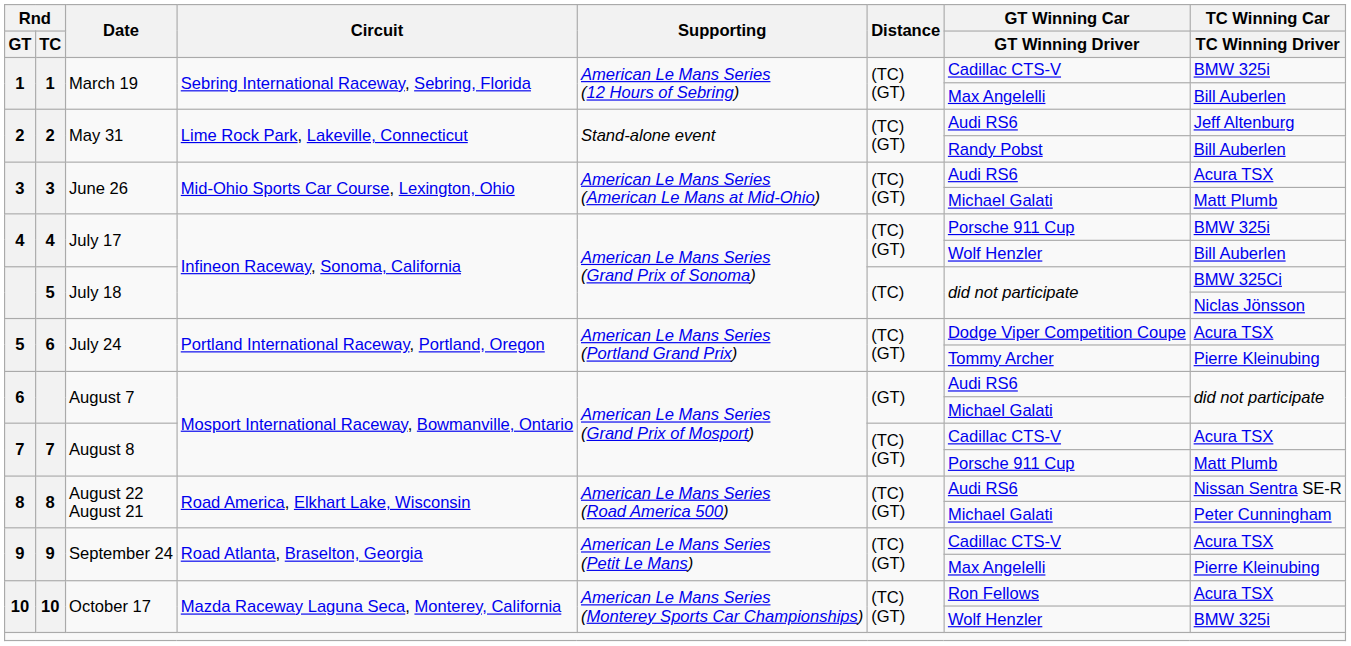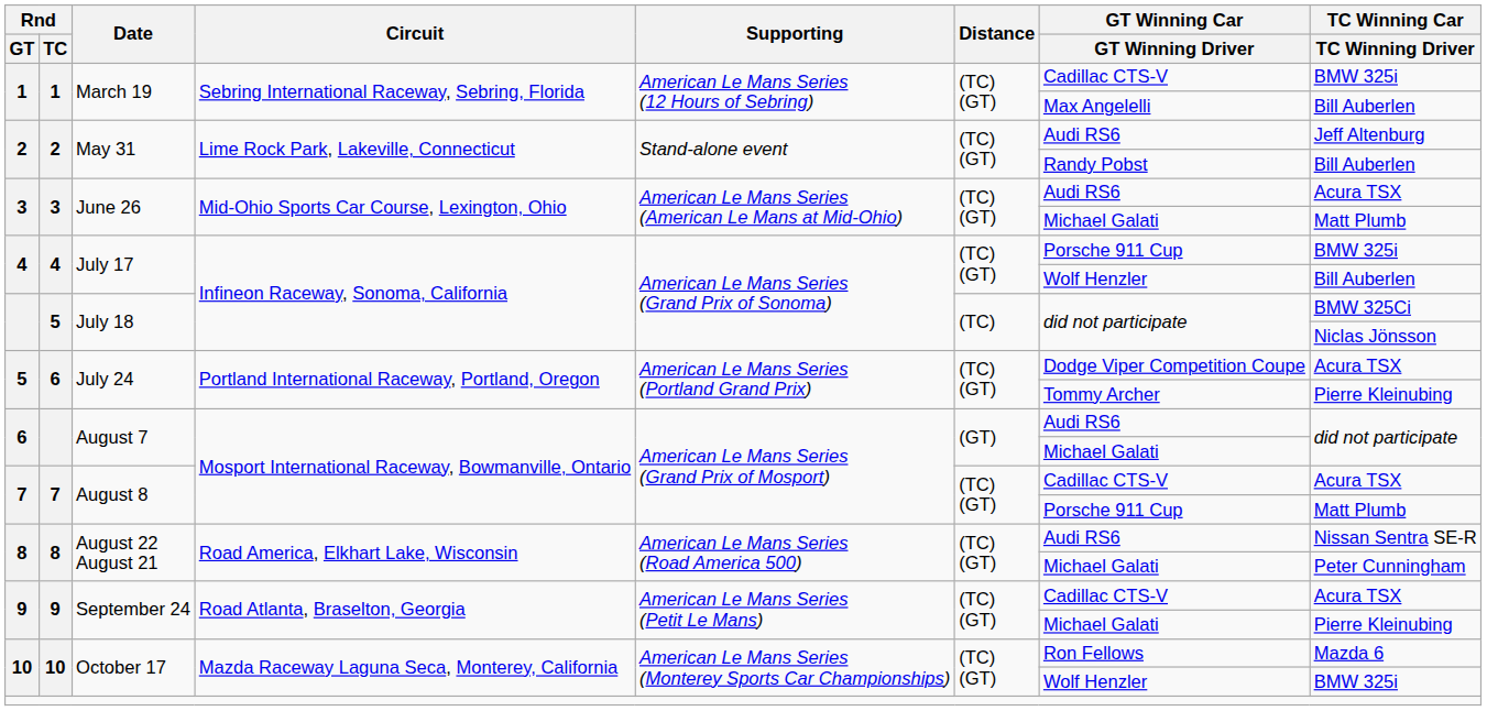 <table class="wikitable" style="font-size: 90%">
 <tr>
 <th colspan=2>Rnd</th>
 <th rowspan=2>Date</th>
 <th rowspan=2>Circuit</th>
 <th rowspan=2>Supporting</th>
 <th rowspan=2>Distance</th>
 <th>GT Winning Car</th>
 <th>TC Winning Car</th>
 </tr>
 <tr>
 <th>GT</th>
 <th>TC</th>
 <th>GT Winning Driver</th>
 <th>TC Winning Driver</th>
 </tr>
 <tr>
 <th rowspan=2>1</th>
 <th rowspan=2>1</th>
 <td rowspan=2>March 19</td>
 <td rowspan=2><a href='#'>Sebring International Raceway</a>, <a href='#'>Sebring, Florida</a></td>
 <td rowspan=2><em><a href='#'>American Le Mans Series</a></em><br><em>(<a href='#'>12 Hours of Sebring</a>)</em></td>
 <td rowspan=2> (TC)<br> (GT)</td>
 <td><a href='#'>Cadillac CTS-V</a></td>
 <td><a href='#'>BMW 325i</a></td>
 </tr>
 <tr>
 <td> <a href='#'>Max Angelelli</a></td>
 <td> <a href='#'>Bill Auberlen</a></td>
 </tr>
 <tr>
 <th rowspan=2>2</th>
 <th rowspan=2>2</th>
 <td rowspan=2>May 31</td>
 <td rowspan=2><a href='#'>Lime Rock Park</a>, <a href='#'>Lakeville, Connecticut</a></td>
 <td rowspan=2><em>Stand-alone event</em></td>
 <td rowspan=2> (TC)<br> (GT)</td>
 <td><a href='#'>Audi RS6</a></td>
 <td> <a href='#'>Jeff Altenburg</a></td>
 </tr>
 <tr>
 <td> <a href='#'>Randy Pobst</a></td>
 <td> <a href='#'>Bill Auberlen</a></td>
 </tr>
 <tr>
 <th rowspan=2>3</th>
 <th rowspan=2>3</th>
 <td rowspan=2>June 26</td>
 <td rowspan=2><a href='#'>Mid-Ohio Sports Car Course</a>, <a href='#'>Lexington, Ohio</a></td>
 <td rowspan=2><em><a href='#'>American Le Mans Series</a></em><br><em>(<a href='#'>American Le Mans at Mid-Ohio</a>)</em></td>
 <td rowspan=2> (TC)<br> (GT)</td>
 <td><a href='#'>Audi RS6</a></td>
 <td><a href='#'>Acura TSX</a></td>
 </tr>
 <tr>
 <td> <a href='#'>Michael Galati</a></td>
 <td> <a href='#'>Matt Plumb</a></td>
 </tr>
 <tr>
 <th rowspan=2>4</th>
 <th rowspan=2>4</th>
 <td rowspan=2>July 17</td>
 <td rowspan=4><a href='#'>Infineon Raceway</a>, <a href='#'>Sonoma, California</a></td>
 <td rowspan=4><em><a href='#'>American Le Mans Series</a></em><br><em>(<a href='#'>Grand Prix of Sonoma</a>)</em></td>
 <td rowspan=2> (TC)<br> (GT)</td>
 <td><a href='#'>Porsche 911 Cup</a></td>
 <td><a href='#'>BMW 325i</a></td>
 </tr>
 <tr>
 <td> <a href='#'>Wolf Henzler</a></td>
 <td> <a href='#'>Bill Auberlen</a></td>
 </tr>
 <tr>
 <th rowspan=2></th>
 <th rowspan=2>5</th>
 <td rowspan=2>July 18</td>
 <td rowspan=2> (TC)</td>
 <td rowspan=2><em>did not participate</em></td>
 <td><a href='#'>BMW 325Ci</a></td>
 </tr>
 <tr>
 <td> <a href='#'>Niclas Jönsson</a></td>
 </tr>
 <tr>
 <th rowspan=2>5</th>
 <th rowspan=2>6</th>
 <td rowspan=2>July 24</td>
 <td rowspan=2><a href='#'>Portland International Raceway</a>, <a href='#'>Portland, Oregon</a></td>
 <td rowspan=2><em><a href='#'>American Le Mans Series</a></em><br><em>(<a href='#'>Portland Grand Prix</a>)</em></td>
 <td rowspan=2> (TC)<br> (GT)</td>
 <td><a href='#'>Dodge Viper Competition Coupe</a></td>
 <td><a href='#'>Acura TSX</a></td>
 </tr>
 <tr>
 <td> <a href='#'>Tommy Archer</a></td>
 <td> <a href='#'>Pierre Kleinubing</a></td>
 </tr>
 <tr>
 <th rowspan=2>6</th>
 <th rowspan=2></th>
 <td rowspan=2>August 7</td>
 <td rowspan=4><a href='#'>Mosport International Raceway</a>, <a href='#'>Bowmanville, Ontario</a></td>
 <td rowspan=4><em><a href='#'>American Le Mans Series</a></em><br><em>(<a href='#'>Grand Prix of Mosport</a>)</em></td>
 <td rowspan=2> (GT)</td>
 <td><a href='#'>Audi RS6</a></td>
 <td rowspan=2><em>did not participate</em></td>
 </tr>
 <tr>
 <td> <a href='#'>Michael Galati</a></td>
 </tr>
 <tr>
 <th rowspan=2>7</th>
 <th rowspan=2>7</th>
 <td rowspan=2>August 8</td>
 <td rowspan=2> (TC)<br> (GT)</td>
 <td><a href='#'>Cadillac CTS-V</a></td>
 <td><a href='#'>Acura TSX</a></td>
 </tr>
 <tr>
 <td><a href='#'>Porsche 911 Cup</a></td>
 <td> <a href='#'>Matt Plumb</a></td>
 </tr>
 <tr>
 <th rowspan=2>8</th>
 <th rowspan=2>8</th>
 <td rowspan=2>August 22<br>August 21</td>
 <td rowspan=2><a href='#'>Road America</a>, <a href='#'>Elkhart Lake, Wisconsin</a></td>
 <td rowspan=2><em><a href='#'>American Le Mans Series</a></em><br><em>(<a href='#'>Road America 500</a>)</em></td>
 <td rowspan=2> (TC)<br> (GT)</td>
 <td><a href='#'>Audi RS6</a></td>
 <td><a href='#'>Nissan Sentra</a> SE-R</td>
 </tr>
 <tr>
 <td> <a href='#'>Michael Galati</a></td>
 <td> <a href='#'>Peter Cunningham</a></td>
 </tr>
 <tr>
 <th rowspan=2>9</th>
 <th rowspan=2>9</th>
 <td rowspan=2>September 24</td>
 <td rowspan=2><a href='#'>Road Atlanta</a>, <a href='#'>Braselton, Georgia</a></td>
 <td rowspan=2><em><a href='#'>American Le Mans Series</a></em><br><em>(<a href='#'>Petit Le Mans</a>)</em></td>
 <td rowspan=2> (TC)<br> (GT)</td>
 <td><a href='#'>Cadillac CTS-V</a></td>
 <td><a href='#'>Acura TSX</a></td>
 </tr>
 <tr>
-<td> <a href='#'>Max Angelelli</a></td>
+<td> <a href='#'>Michael Galati</a></td>
 <td> <a href='#'>Pierre Kleinubing</a></td>
 </tr>
 <tr>
 <th rowspan=2>10</th>
 <th rowspan=2>10</th>
 <td rowspan=2>October 17</td>
 <td rowspan=2><a href='#'>Mazda Raceway Laguna Seca</a>, <a href='#'>Monterey, California</a></td>
 <td rowspan=2><em><a href='#'>American Le Mans Series</a></em><br><em>(<a href='#'>Monterey Sports Car Championships</a>)</em></td>
 <td rowspan=2> (TC)<br> (GT)</td>
 <td> <a href='#'>Ron Fellows</a></td>
-<td><a href='#'>Acura TSX</a></td>
+<td><a href='#'>Mazda 6</a></td>
 </tr>
 <tr>
 <td> <a href='#'>Wolf Henzler</a></td>
 <td><a href='#'>BMW 325i</a></td>
 </tr>
 <tr>
 <td colspan=8 align=center></td>
 </tr>
 </table>
